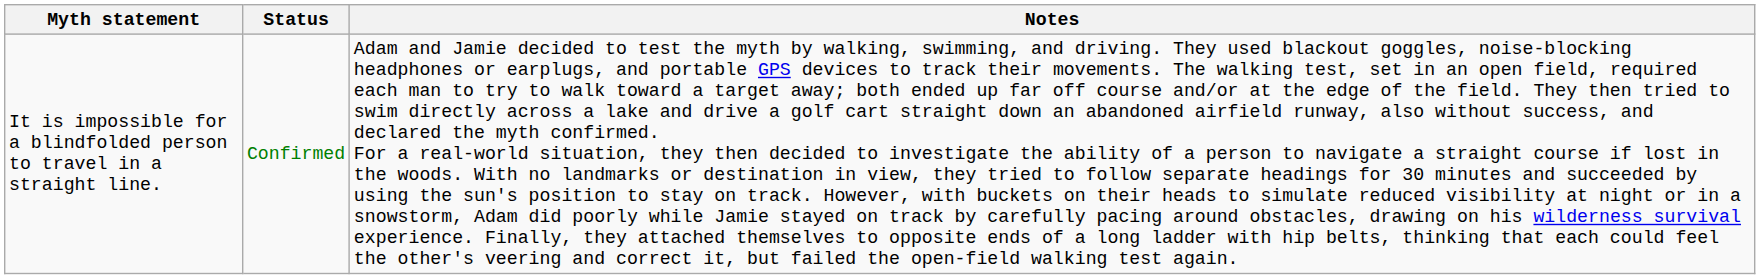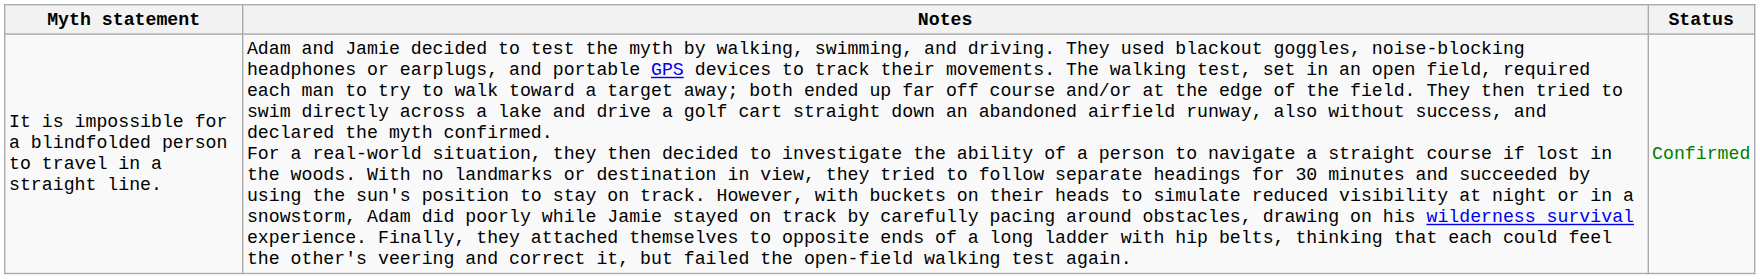 <table class="wikitable plainrowheaders">
 <tr>
 <th>Myth statement</th>
+<th>Notes</th>
 <th>Status</th>
-<th>Notes</th>
 </tr>
 <tr>
 <td>It is impossible for a blindfolded person to travel in a straight line.</td>
+<td>Adam and Jamie decided to test the myth by walking, swimming, and driving. They used blackout goggles, noise-blocking headphones or earplugs, and portable <a href='#'>GPS</a> devices to track their movements. The walking test, set in an open field, required each man to try to walk toward a target  away; both ended up far off course and/or at the edge of the field. They then tried to swim directly across a lake and drive a golf cart straight down an abandoned airfield runway, also without success, and declared the myth confirmed.<br>For a real-world situation, they then decided to investigate the ability of a person to navigate a straight course if lost in the woods. With no landmarks or destination in view, they tried to follow separate headings for 30 minutes and succeeded by using the sun's position to stay on track. However, with buckets on their heads to simulate reduced visibility at night or in a snowstorm, Adam did poorly while Jamie stayed on track by carefully pacing around obstacles, drawing on his <a href='#'>wilderness survival</a> experience. Finally, they attached themselves to opposite ends of a long ladder with hip belts, thinking that each could feel the other's veering and correct it, but failed the open-field walking test again.</td>
 <td style="color:green">Confirmed</td>
-<td>Adam and Jamie decided to test the myth by walking, swimming, and driving. They used blackout goggles, noise-blocking headphones or earplugs, and portable <a href='#'>GPS</a> devices to track their movements. The walking test, set in an open field, required each man to try to walk toward a target  away; both ended up far off course and/or at the edge of the field. They then tried to swim directly across a lake and drive a golf cart straight down an abandoned airfield runway, also without success, and declared the myth confirmed.<br>For a real-world situation, they then decided to investigate the ability of a person to navigate a straight course if lost in the woods. With no landmarks or destination in view, they tried to follow separate headings for 30 minutes and succeeded by using the sun's position to stay on track. However, with buckets on their heads to simulate reduced visibility at night or in a snowstorm, Adam did poorly while Jamie stayed on track by carefully pacing around obstacles, drawing on his <a href='#'>wilderness survival</a> experience. Finally, they attached themselves to opposite ends of a long ladder with hip belts, thinking that each could feel the other's veering and correct it, but failed the open-field walking test again.</td>
 </tr>
 </table>
